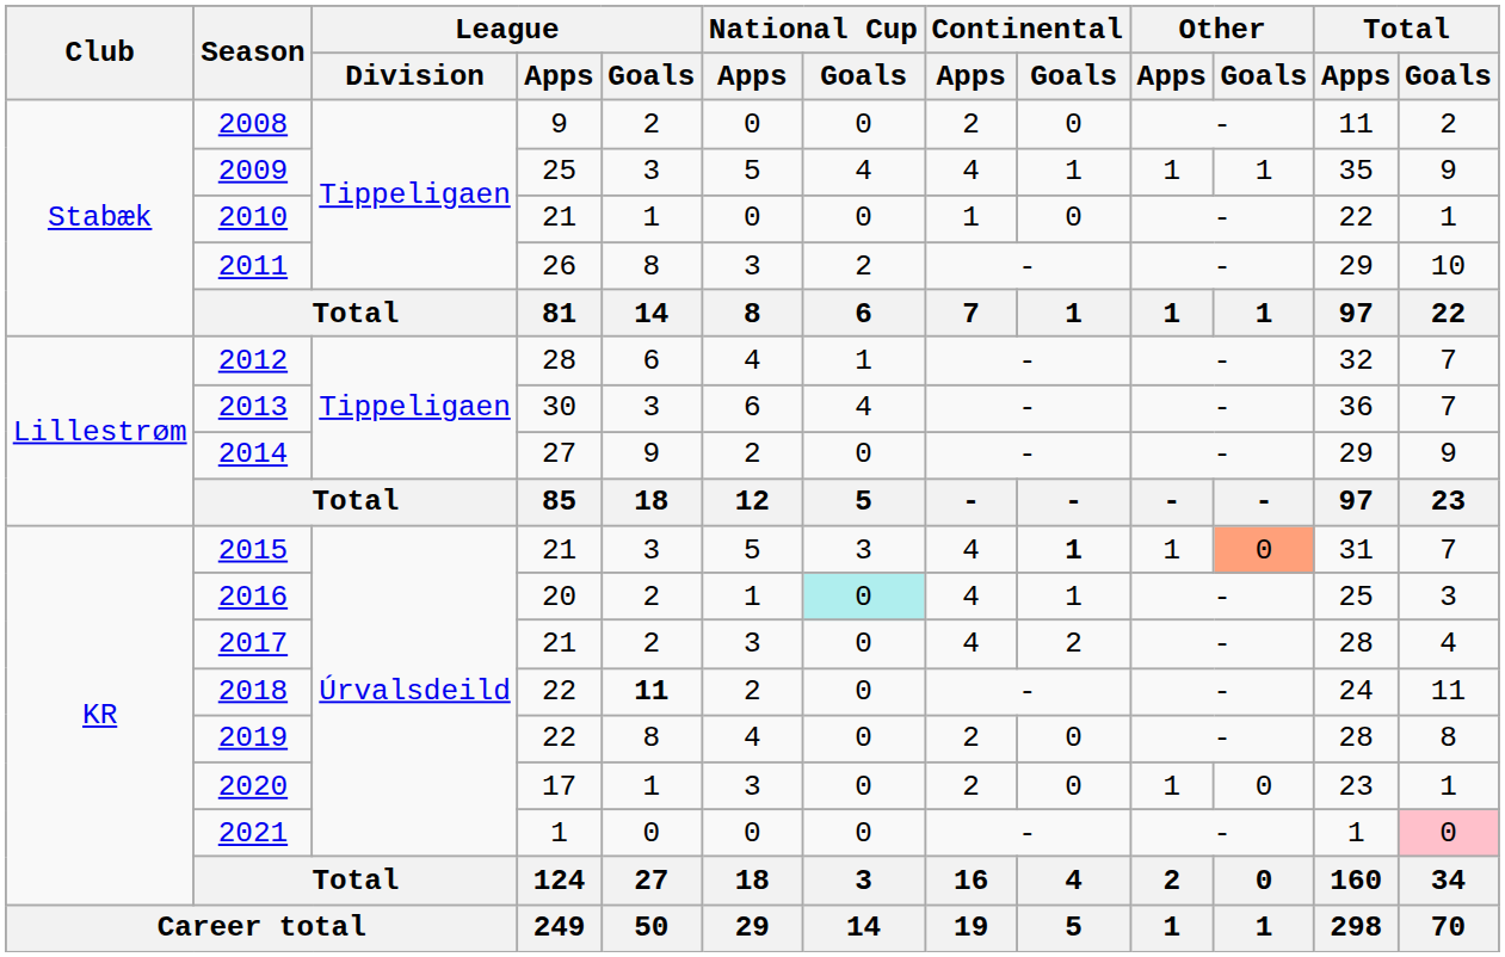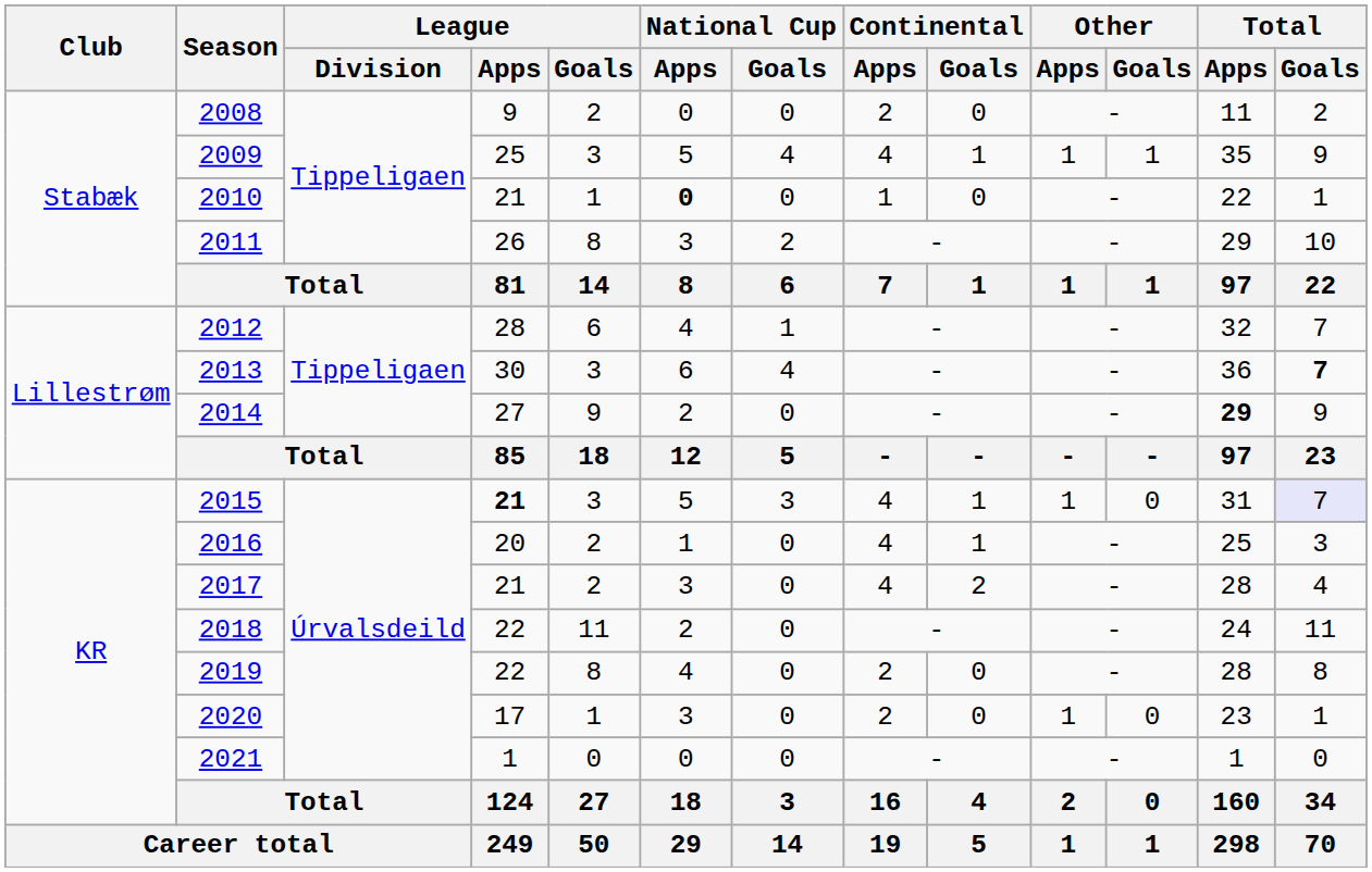 <table class="wikitable" style="text-align: center;">
 <tr>
 <th rowspan="2">Club</th>
 <th rowspan="2">Season</th>
 <th colspan="3">League</th>
 <th colspan="2">National Cup</th>
 <th colspan="2">Continental</th>
 <th colspan="2">Other</th>
 <th colspan="2">Total</th>
 </tr>
 <tr>
 <th>Division</th>
 <th>Apps</th>
 <th>Goals</th>
 <th>Apps</th>
 <th>Goals</th>
 <th>Apps</th>
 <th>Goals</th>
 <th>Apps</th>
 <th>Goals</th>
 <th>Apps</th>
 <th>Goals</th>
 </tr>
 <tr>
 <td rowspan="5"><a href='#'>Stabæk</a></td>
 <td><a href='#'>2008</a></td>
 <td rowspan="4"><a href='#'>Tippeligaen</a></td>
 <td>9</td>
 <td>2</td>
 <td>0</td>
 <td>0</td>
 <td>2</td>
 <td>0</td>
 <td colspan="2">-</td>
 <td>11</td>
 <td>2</td>
 </tr>
 <tr>
 <td><a href='#'>2009</a></td>
 <td>25</td>
 <td>3</td>
 <td>5</td>
 <td>4</td>
 <td>4</td>
 <td>1</td>
 <td>1</td>
 <td>1</td>
 <td>35</td>
 <td>9</td>
 </tr>
 <tr>
 <td><a href='#'>2010</a></td>
 <td>21</td>
 <td>1</td>
-<td>0</td>
+<td><strong>0</strong></td>
 <td>0</td>
 <td>1</td>
 <td>0</td>
 <td colspan="2">-</td>
 <td>22</td>
 <td>1</td>
 </tr>
 <tr>
 <td><a href='#'>2011</a></td>
 <td>26</td>
 <td>8</td>
 <td>3</td>
 <td>2</td>
 <td colspan="2">-</td>
 <td colspan="2">-</td>
 <td>29</td>
 <td>10</td>
 </tr>
 <tr>
 <th colspan="2">Total</th>
 <th>81</th>
 <th>14</th>
 <th>8</th>
 <th>6</th>
 <th>7</th>
 <th>1</th>
 <th>1</th>
 <th>1</th>
 <th>97</th>
 <th>22</th>
 </tr>
 <tr>
 <td rowspan="4"><a href='#'>Lillestrøm</a></td>
 <td><a href='#'>2012</a></td>
 <td rowspan="3"><a href='#'>Tippeligaen</a></td>
 <td>28</td>
 <td>6</td>
 <td>4</td>
 <td>1</td>
 <td colspan="2">-</td>
 <td colspan="2">-</td>
 <td>32</td>
 <td>7</td>
 </tr>
 <tr>
 <td><a href='#'>2013</a></td>
 <td>30</td>
 <td>3</td>
 <td>6</td>
 <td>4</td>
 <td colspan="2">-</td>
 <td colspan="2">-</td>
 <td>36</td>
-<td>7</td>
+<td><strong>7</strong></td>
 </tr>
 <tr>
 <td><a href='#'>2014</a></td>
 <td>27</td>
 <td>9</td>
 <td>2</td>
 <td>0</td>
 <td colspan="2">-</td>
 <td colspan="2">-</td>
-<td>29</td>
+<td><strong>29</strong></td>
 <td>9</td>
 </tr>
 <tr>
 <th colspan="2">Total</th>
 <th>85</th>
 <th>18</th>
 <th>12</th>
 <th>5</th>
 <th>-</th>
 <th>-</th>
 <th>-</th>
 <th>-</th>
 <th>97</th>
 <th>23</th>
 </tr>
 <tr>
 <td rowspan="8"><a href='#'>KR</a></td>
 <td><a href='#'>2015</a></td>
 <td rowspan="7"><a href='#'>Úrvalsdeild</a></td>
-<td>21</td>
+<td><strong>21</strong></td>
 <td>3</td>
 <td>5</td>
 <td>3</td>
 <td>4</td>
-<td><strong>1</strong></td>
 <td>1</td>
-<td style="background: lightsalmon;">0</td>
+<td>1</td>
+<td>0</td>
 <td>31</td>
-<td>7</td>
+<td style="background: lavender;">7</td>
 </tr>
 <tr>
 <td><a href='#'>2016</a></td>
 <td>20</td>
 <td>2</td>
 <td>1</td>
-<td style="background: paleturquoise;">0</td>
+<td>0</td>
 <td>4</td>
 <td>1</td>
 <td colspan="2">-</td>
 <td>25</td>
 <td>3</td>
 </tr>
 <tr>
 <td><a href='#'>2017</a></td>
 <td>21</td>
 <td>2</td>
 <td>3</td>
 <td>0</td>
 <td>4</td>
 <td>2</td>
 <td colspan="2">-</td>
 <td>28</td>
 <td>4</td>
 </tr>
 <tr>
 <td><a href='#'>2018</a></td>
 <td>22</td>
-<td><strong>11</strong></td>
+<td>11</td>
 <td>2</td>
 <td>0</td>
 <td colspan="2">-</td>
 <td colspan="2">-</td>
 <td>24</td>
 <td>11</td>
 </tr>
 <tr>
 <td><a href='#'>2019</a></td>
 <td>22</td>
 <td>8</td>
 <td>4</td>
 <td>0</td>
 <td>2</td>
 <td>0</td>
 <td colspan="2">-</td>
 <td>28</td>
 <td>8</td>
 </tr>
 <tr>
 <td><a href='#'>2020</a></td>
 <td>17</td>
 <td>1</td>
 <td>3</td>
 <td>0</td>
 <td>2</td>
 <td>0</td>
 <td>1</td>
 <td>0</td>
 <td>23</td>
 <td>1</td>
 </tr>
 <tr>
 <td><a href='#'>2021</a></td>
 <td>1</td>
 <td>0</td>
 <td>0</td>
 <td>0</td>
 <td colspan="2">-</td>
 <td colspan="2">-</td>
 <td>1</td>
-<td style="background: pink;">0</td>
+<td>0</td>
 </tr>
 <tr>
 <th colspan="2">Total</th>
 <th>124</th>
 <th>27</th>
 <th>18</th>
 <th>3</th>
 <th>16</th>
 <th>4</th>
 <th>2</th>
 <th>0</th>
 <th>160</th>
 <th>34</th>
 </tr>
 <tr>
 <th colspan="3">Career total</th>
 <th>249</th>
 <th>50</th>
 <th>29</th>
 <th>14</th>
 <th>19</th>
 <th>5</th>
 <th>1</th>
 <th>1</th>
 <th>298</th>
 <th>70</th>
 </tr>
 </table>
